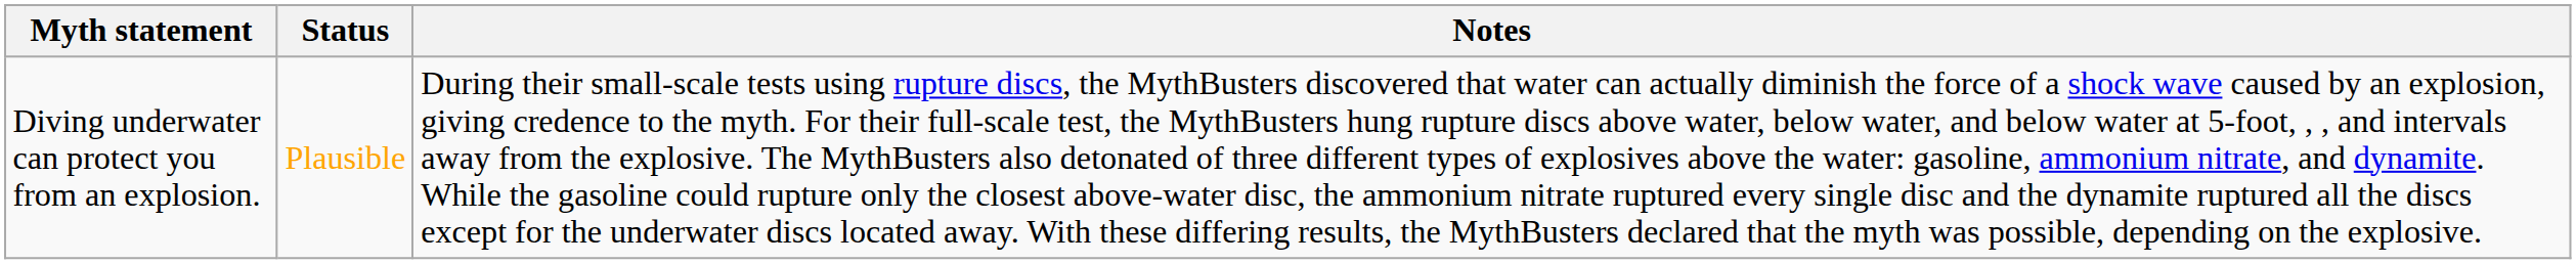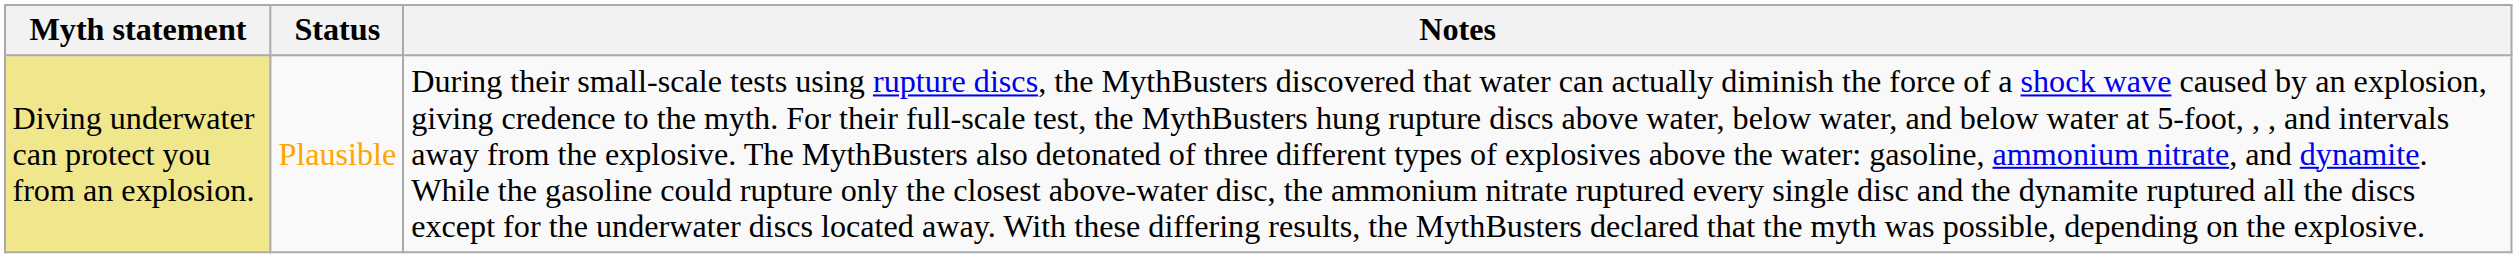 <table class="wikitable plainrowheaders">
 <tr>
 <th>Myth statement</th>
 <th>Status</th>
 <th>Notes</th>
 </tr>
 <tr>
-<td>Diving underwater can protect you from an explosion.</td>
+<td style="background: khaki;">Diving underwater can protect you from an explosion.</td>
 <td style="color:orange">Plausible</td>
 <td>During their small-scale tests using <a href='#'>rupture discs</a>, the MythBusters discovered that water can actually diminish the force of a <a href='#'>shock wave</a> caused by an explosion, giving credence to the myth. For their full-scale test, the MythBusters hung rupture discs  above water,  below water, and  below water at 5-foot, , , and  intervals away from the explosive. The MythBusters also detonated  of three different types of explosives above the water: gasoline, <a href='#'>ammonium nitrate</a>, and <a href='#'>dynamite</a>. While the gasoline could rupture only the closest above-water disc, the ammonium nitrate ruptured every single disc and the dynamite ruptured all the discs except for the underwater discs located  away. With these differing results, the MythBusters declared that the myth was possible, depending on the explosive.</td>
 </tr>
 </table>
